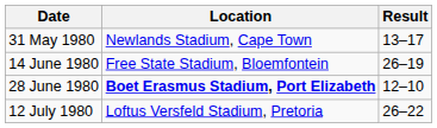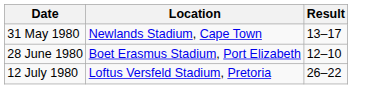 <table class="wikitable" style="align:center;">
 <tr>
 <th>Date</th>
 <th>Location</th>
 <th>Result</th>
 </tr>
 <tr>
 <td>31 May 1980</td>
 <td><a href='#'>Newlands Stadium</a>, <a href='#'>Cape Town</a></td>
 <td> 13–17 </td>
 </tr>
 <tr>
-<td>14 June 1980</td>
-<td><a href='#'>Free State Stadium</a>, <a href='#'>Bloemfontein</a></td>
-<td> 26–19 </td>
-</tr>
-<tr>
 <td>28 June 1980</td>
-<td><strong><a href='#'>Boet Erasmus Stadium</a>, <a href='#'>Port Elizabeth</a></strong></td>
+<td><a href='#'>Boet Erasmus Stadium</a>, <a href='#'>Port Elizabeth</a></td>
 <td> 12–10 </td>
 </tr>
 <tr>
 <td>12 July 1980</td>
 <td><a href='#'>Loftus Versfeld Stadium</a>, <a href='#'>Pretoria</a></td>
 <td> 26–22 </td>
 </tr>
 </table>
